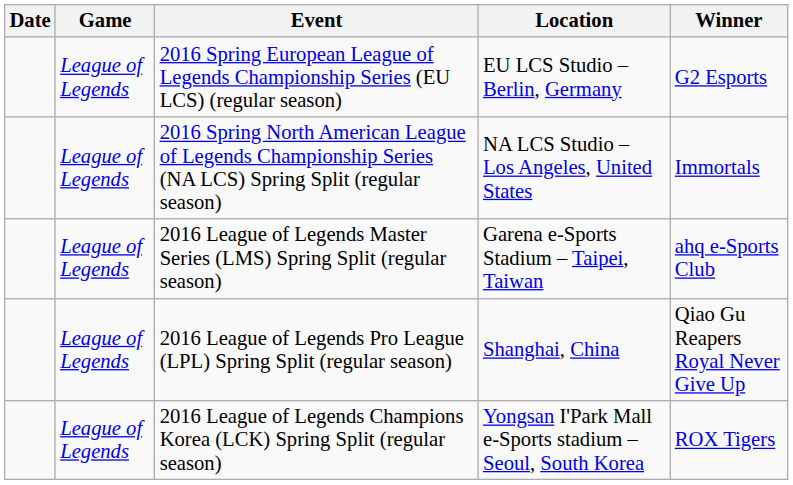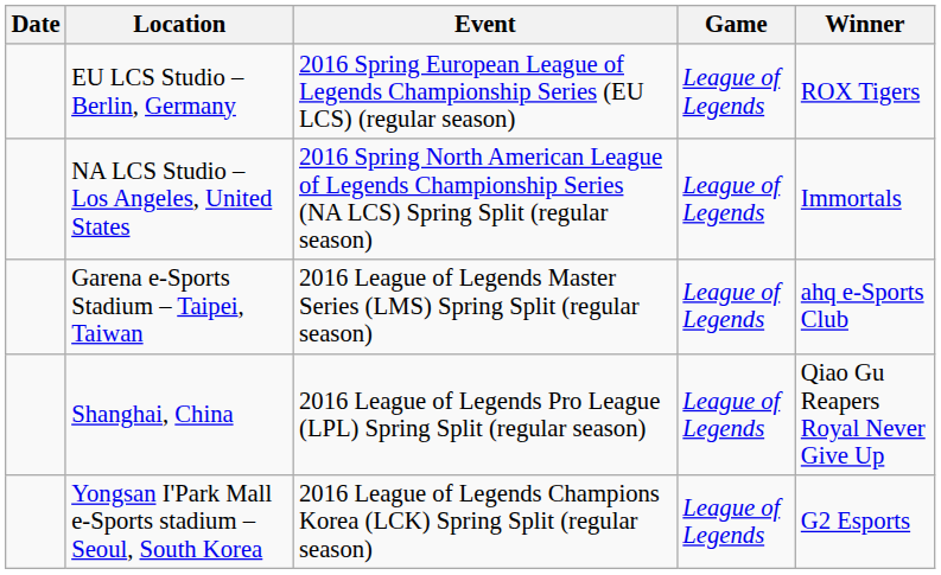 <table class="wikitable sortable">
 <tr>
 <th>Date</th>
+<th>Location</th>
+<th>Event</th>
 <th>Game</th>
-<th>Event</th>
-<th>Location</th>
 <th>Winner</th>
 </tr>
 <tr>
 <td></td>
+<td>EU LCS Studio – <a href='#'>Berlin</a>, <a href='#'>Germany</a></td>
+<td><a href='#'>2016 Spring European League of Legends Championship Series</a> (EU LCS) (regular season)</td>
 <td><em><a href='#'>League of Legends</a></em></td>
-<td><a href='#'>2016 Spring European League of Legends Championship Series</a> (EU LCS) (regular season)</td>
-<td>EU LCS Studio – <a href='#'>Berlin</a>, <a href='#'>Germany</a></td>
-<td><a href='#'>G2 Esports</a></td>
+<td><a href='#'>ROX Tigers</a></td>
 </tr>
 <tr>
 <td></td>
+<td>NA LCS Studio – <a href='#'>Los Angeles</a>, <a href='#'>United States</a></td>
+<td><a href='#'>2016 Spring North American League of Legends Championship Series</a> (NA LCS) Spring Split (regular season)</td>
 <td><em><a href='#'>League of Legends</a></em></td>
-<td><a href='#'>2016 Spring North American League of Legends Championship Series</a> (NA LCS) Spring Split (regular season)</td>
-<td>NA LCS Studio – <a href='#'>Los Angeles</a>, <a href='#'>United States</a></td>
 <td><a href='#'>Immortals</a></td>
 </tr>
 <tr>
 <td></td>
+<td>Garena e-Sports Stadium – <a href='#'>Taipei</a>, <a href='#'>Taiwan</a></td>
+<td>2016 League of Legends Master Series (LMS) Spring Split (regular season)</td>
 <td><em><a href='#'>League of Legends</a></em></td>
-<td>2016 League of Legends Master Series (LMS) Spring Split (regular season)</td>
-<td>Garena e-Sports Stadium – <a href='#'>Taipei</a>, <a href='#'>Taiwan</a></td>
 <td><a href='#'>ahq e-Sports Club</a></td>
 </tr>
 <tr>
 <td></td>
+<td><a href='#'>Shanghai</a>, <a href='#'>China</a></td>
+<td>2016 League of Legends Pro League (LPL) Spring Split (regular season)</td>
 <td><em><a href='#'>League of Legends</a></em></td>
-<td>2016 League of Legends Pro League (LPL) Spring Split (regular season)</td>
-<td><a href='#'>Shanghai</a>, <a href='#'>China</a></td>
 <td>Qiao Gu Reapers <br> <a href='#'>Royal Never Give Up</a></td>
 </tr>
 <tr>
 <td></td>
+<td><a href='#'>Yongsan</a> I'Park Mall e-Sports stadium – <a href='#'>Seoul</a>, <a href='#'>South Korea</a></td>
+<td>2016 League of Legends Champions Korea (LCK) Spring Split (regular season)</td>
 <td><em><a href='#'>League of Legends</a></em></td>
-<td>2016 League of Legends Champions Korea (LCK) Spring Split (regular season)</td>
-<td><a href='#'>Yongsan</a> I'Park Mall e-Sports stadium – <a href='#'>Seoul</a>, <a href='#'>South Korea</a></td>
-<td><a href='#'>ROX Tigers</a></td>
+<td><a href='#'>G2 Esports</a></td>
 </tr>
 </table>
